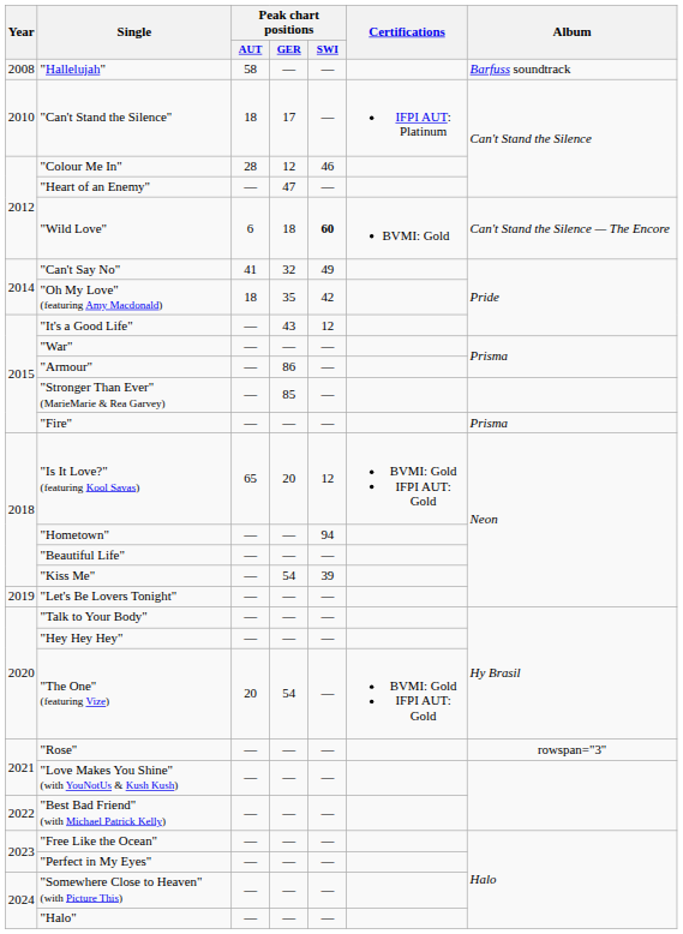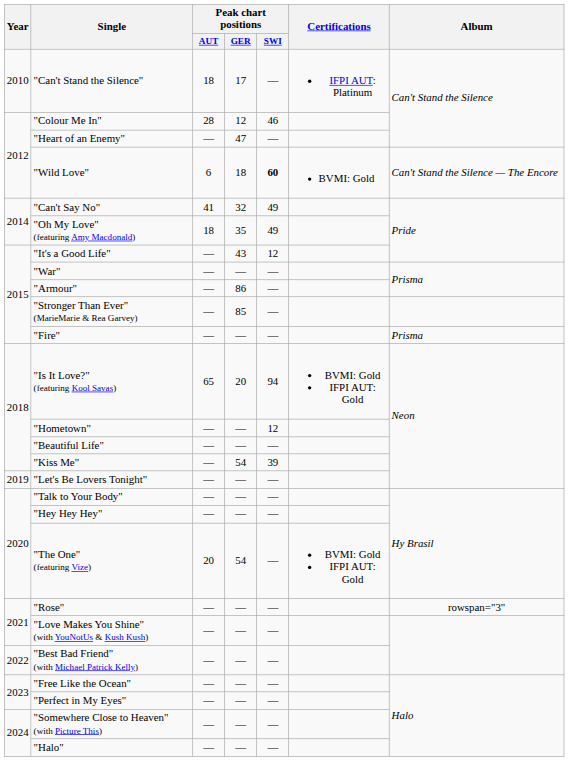 <table class="wikitable" style="text-align:center;">
 <tr>
 <th rowspan="2">Year</th>
 <th rowspan="2" width="230">Single</th>
 <th colspan="3">Peak chart positions</th>
 <th rowspan="2" width="140"><a href='#'>Certifications</a></th>
 <th rowspan="2" width="250">Album</th>
 </tr>
 <tr>
 <th style="width:3em;font-size:85%"><a href='#'>AUT</a><br></th>
 <th style="width:3em;font-size:85%"><a href='#'>GER</a><br></th>
 <th style="width:3em;font-size:85%"><a href='#'>SWI</a><br></th>
-</tr>
-<tr>
-<td align="left">2008</td>
-<td align="left">"<a href='#'>Hallelujah</a>"</td>
-<td>58</td>
-<td>—</td>
-<td>—</td>
-<td></td>
-<td align="left"><em><a href='#'>Barfuss</a></em> soundtrack</td>
 </tr>
 <tr>
 <td align="left">2010</td>
 <td align="left">"Can't Stand the Silence"</td>
 <td>18</td>
 <td>17</td>
 <td>—</td>
 <td><br><ul><li><a href='#'>IFPI AUT</a>: Platinum</li></ul></td>
 <td align="left" rowspan="3"><em>Can't Stand the Silence</em></td>
 </tr>
 <tr>
 <td align="left" rowspan="3">2012</td>
 <td align="left">"Colour Me In"</td>
 <td>28</td>
 <td>12</td>
 <td>46</td>
 <td></td>
 </tr>
 <tr>
 <td align="left">"Heart of an Enemy"</td>
 <td>—</td>
 <td>47</td>
 <td>—</td>
 <td></td>
 </tr>
 <tr>
 <td align="left">"Wild Love"</td>
 <td>6</td>
 <td>18</td>
 <td><strong>60</strong></td>
 <td align="left"><br><ul><li>BVMI: Gold</li></ul></td>
 <td align="left"><em>Can't Stand the Silence — The Encore</em></td>
 </tr>
 <tr>
 <td align="left" rowspan="2">2014</td>
 <td align="left">"Can't Say No"</td>
 <td>41</td>
 <td>32</td>
 <td>49</td>
 <td></td>
 <td align="left" rowspan="3"><em>Pride</em></td>
 </tr>
 <tr>
 <td align="left">"Oh My Love" <br><small>(featuring <a href='#'>Amy Macdonald</a>)</small></td>
 <td>18</td>
 <td>35</td>
-<td>42</td>
+<td>49</td>
 <td></td>
 </tr>
 <tr>
 <td align="left" rowspan="5">2015</td>
 <td align="left">"It's a Good Life"</td>
 <td>—</td>
 <td>43</td>
 <td>12</td>
 <td></td>
 </tr>
 <tr>
 <td align="left">"War"</td>
 <td>—</td>
 <td>—</td>
 <td>—</td>
 <td></td>
 <td align="left" rowspan="2"><em>Prisma</em></td>
 </tr>
 <tr>
 <td align="left">"Armour"</td>
 <td>—</td>
 <td>86 </td>
 <td>—</td>
 <td></td>
 </tr>
 <tr>
 <td align="left">"Stronger Than Ever" <br> <small>(MarieMarie & Rea Garvey)</small></td>
 <td>—</td>
 <td>85</td>
 <td>—</td>
 <td></td>
 <td></td>
 </tr>
 <tr>
 <td align="left">"Fire"</td>
 <td>—</td>
 <td>—</td>
 <td>—</td>
 <td></td>
 <td align="left"><em>Prisma</em></td>
 </tr>
 <tr>
 <td align="left" rowspan="4">2018</td>
 <td align="left">"Is It Love?" <br> <small>(featuring <a href='#'>Kool Savas</a>)</small></td>
 <td>65</td>
 <td>20</td>
-<td>12</td>
+<td>94</td>
 <td><br><ul><li>BVMI: Gold</li><li>IFPI AUT: Gold</li></ul></td>
 <td align="left" rowspan="5"><em>Neon</em></td>
 </tr>
 <tr>
 <td align="left">"Hometown"</td>
 <td>—</td>
 <td>—</td>
-<td>94</td>
+<td>12</td>
 <td></td>
 </tr>
 <tr>
 <td align="left">"Beautiful Life"</td>
 <td>—</td>
 <td>—</td>
 <td>—</td>
 <td></td>
 </tr>
 <tr>
 <td align="left">"Kiss Me"</td>
 <td>—</td>
 <td>54</td>
 <td>39</td>
 <td></td>
 </tr>
 <tr>
 <td align="left">2019</td>
 <td align="left">"Let's Be Lovers Tonight"</td>
 <td>—</td>
 <td>—</td>
 <td>—</td>
 <td></td>
 </tr>
 <tr>
 <td align="left" rowspan="3">2020</td>
 <td align="left">"Talk to Your Body"</td>
 <td>—</td>
 <td>—</td>
 <td>—</td>
 <td></td>
 <td align="left" rowspan="3"><em>Hy Brasil</em></td>
 </tr>
 <tr>
 <td align="left">"Hey Hey Hey"</td>
 <td>—</td>
 <td>—</td>
 <td>—</td>
 <td></td>
 </tr>
 <tr>
 <td align="left">"The One" <br> <small>(featuring <a href='#'>Vize</a>)</small></td>
 <td>20</td>
 <td>54</td>
 <td>—</td>
 <td><br><ul><li>BVMI: Gold</li><li>IFPI AUT: Gold</li></ul></td>
 </tr>
 <tr>
 <td align="left" rowspan="2">2021</td>
 <td align="left">"Rose"</td>
 <td>—</td>
 <td>—</td>
 <td>—</td>
 <td></td>
 <td>rowspan="3" </td>
 </tr>
 <tr>
 <td align="left">"Love Makes You Shine" <br><small>(with <a href='#'>YouNotUs</a> & <a href='#'>Kush Kush</a>)</small></td>
 <td>—</td>
 <td>—</td>
 <td>—</td>
 <td></td>
 </tr>
 <tr>
 <td align="left">2022</td>
 <td align="left">"Best Bad Friend" <br><small>(with <a href='#'>Michael Patrick Kelly</a>)</small></td>
 <td>—</td>
 <td>—</td>
 <td>—</td>
 <td></td>
 </tr>
 <tr>
 <td align="left" rowspan="2">2023</td>
 <td align="left">"Free Like the Ocean"</td>
 <td>—</td>
 <td>—</td>
 <td>—</td>
 <td></td>
 <td align="left" rowspan="4"><em>Halo</em></td>
 </tr>
 <tr>
 <td align="left">"Perfect in My Eyes"</td>
 <td>—</td>
 <td>—</td>
 <td>—</td>
 <td></td>
 </tr>
 <tr>
 <td align="left" rowspan="2">2024</td>
 <td align="left">"Somewhere Close to Heaven"<br><small>(with <a href='#'>Picture This</a>)</small></td>
 <td>—</td>
 <td>—</td>
 <td>—</td>
 <td></td>
 </tr>
 <tr>
 <td align="left">"Halo"</td>
 <td>—</td>
 <td>—</td>
 <td>—</td>
 <td></td>
 </tr>
 </table>
